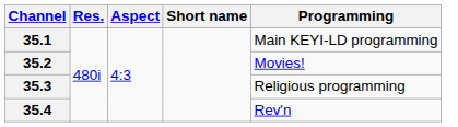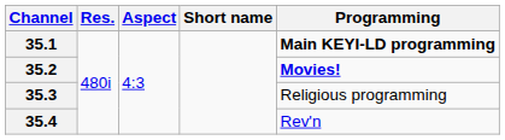 <table class="wikitable">
 <tr>
 <th scope = "col"><a href='#'>Channel</a></th>
 <th scope = "col"><a href='#'>Res.</a></th>
 <th scope = "col"><a href='#'>Aspect</a></th>
 <th scope = "col">Short name</th>
 <th scope = "col">Programming</th>
 </tr>
 <tr>
 <th scope = "row">35.1</th>
 <td rowspan=4><a href='#'>480i</a></td>
 <td rowspan=4><a href='#'>4:3</a></td>
 <td rowspan=4></td>
-<td>Main KEYI-LD programming</td>
+<td><strong>Main KEYI-LD programming</strong></td>
 </tr>
 <tr>
 <th scope = "row">35.2</th>
-<td><a href='#'>Movies!</a></td>
+<td><strong><a href='#'>Movies!</a></strong></td>
 </tr>
 <tr>
 <th scope = "row">35.3</th>
 <td>Religious programming</td>
 </tr>
 <tr>
 <th scope = "row">35.4</th>
 <td><a href='#'>Rev'n</a></td>
 </tr>
 </table>
